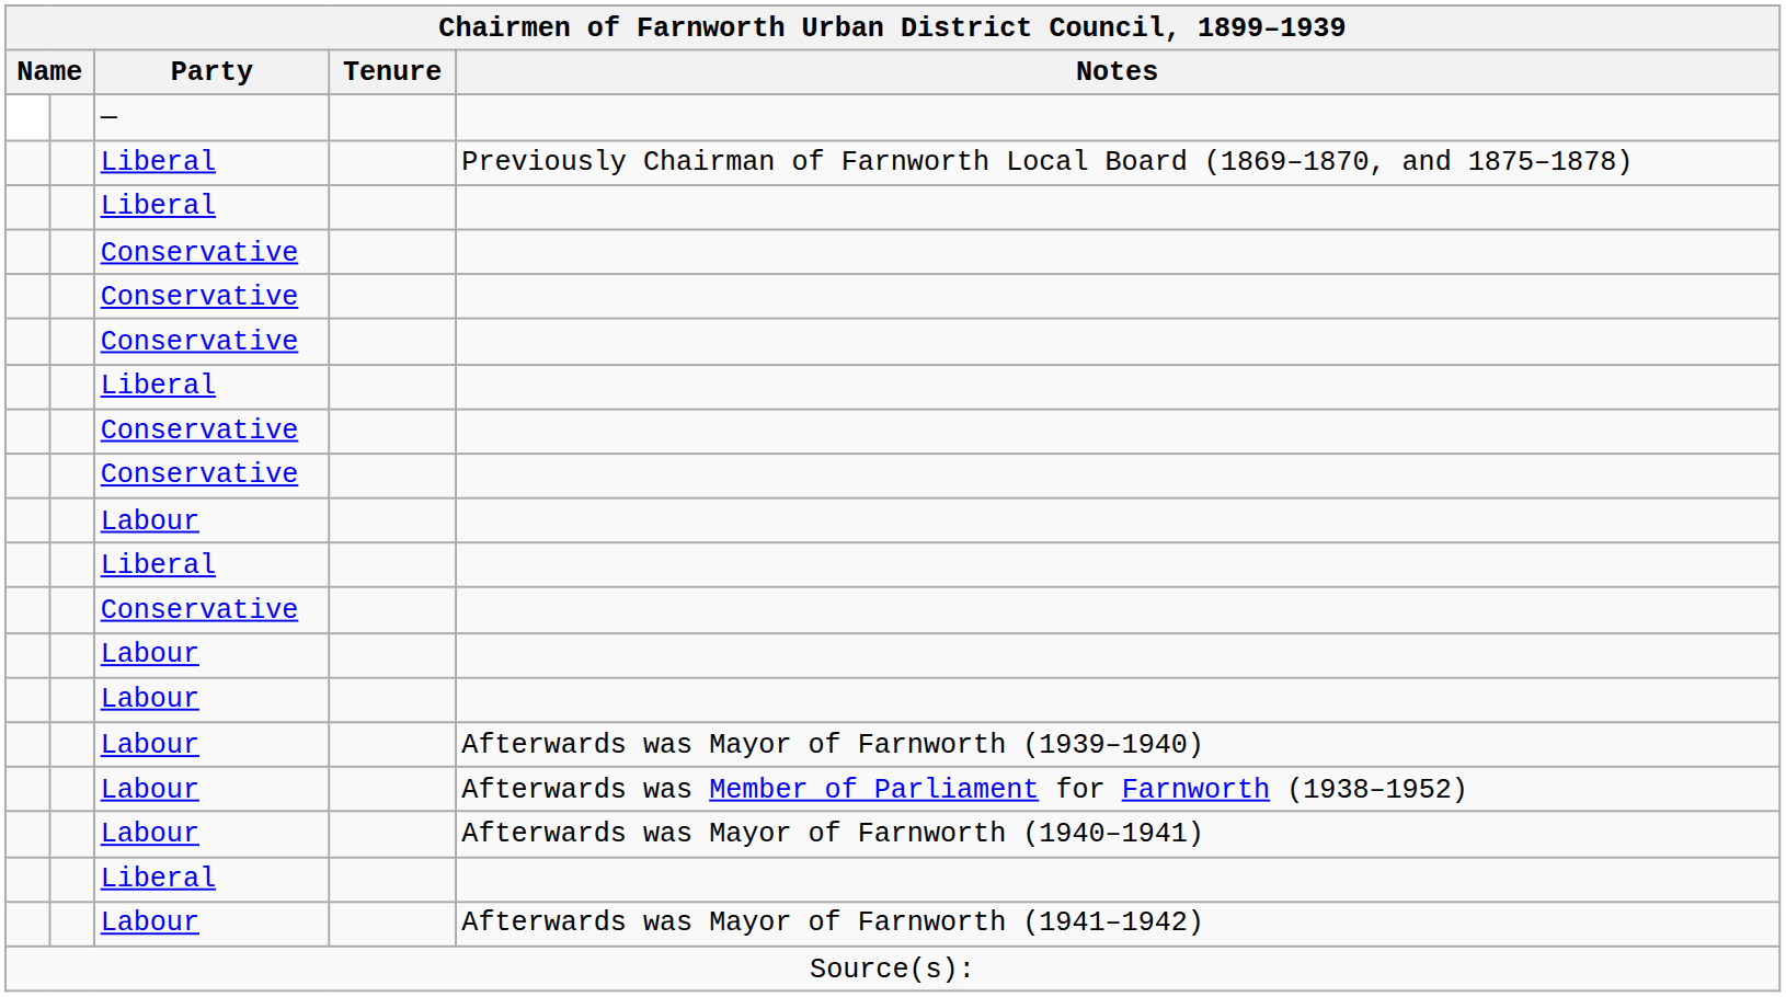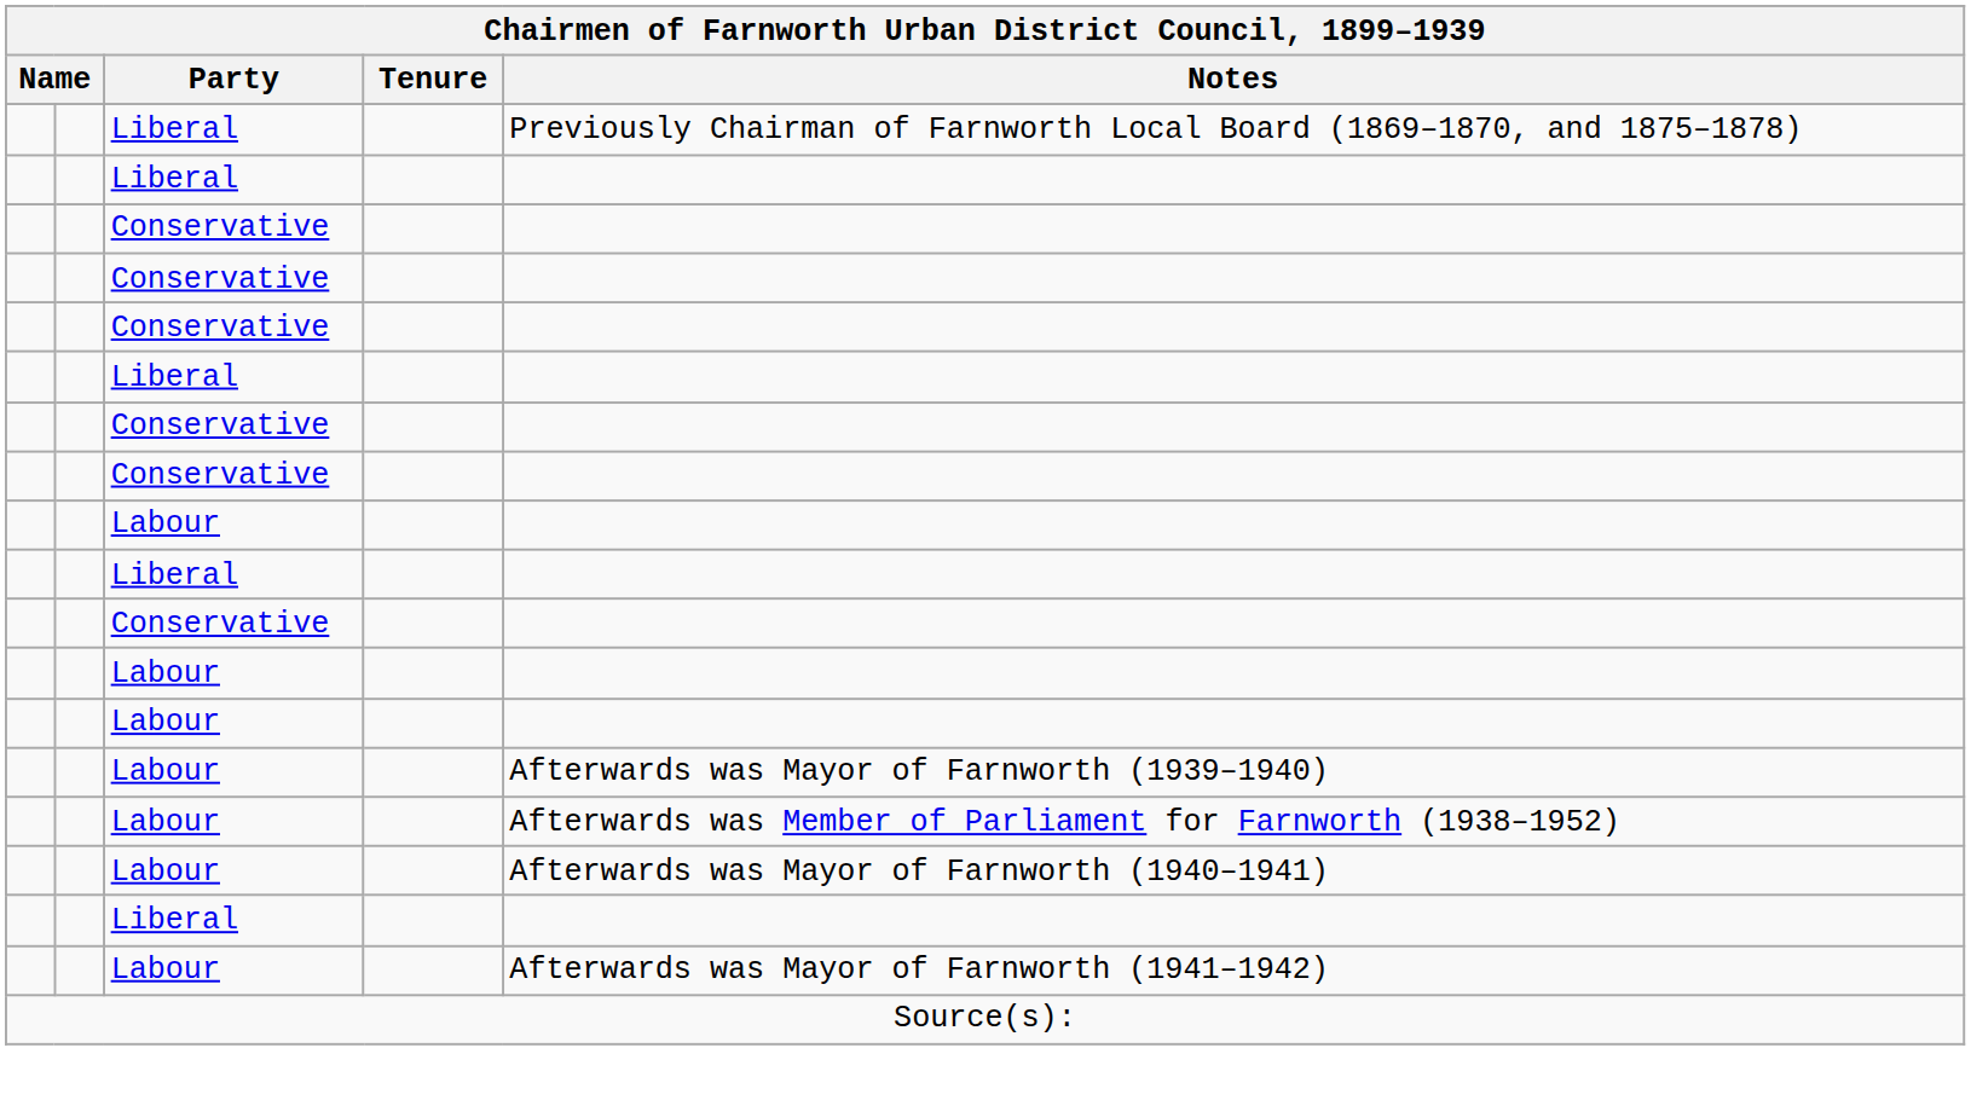 <table class="wikitable sortable" style="width: 95%;">
 <tr>
 <th colspan="5">Chairmen of Farnworth Urban District Council, 1899–1939</th>
 </tr>
 <tr>
 <th colspan="2">Name</th>
 <th>Party</th>
 <th>Tenure</th>
 <th class=unsortable>Notes</th>
-</tr>
-<tr>
-<td style="background-color:#FFFFFF"></td>
-<td></td>
-<td>—</td>
-<td></td>
-<td></td>
 </tr>
 <tr>
 <td style="background-color: "></td>
 <td></td>
 <td><a href='#'>Liberal</a></td>
 <td></td>
 <td>Previously Chairman of Farnworth Local Board (1869–1870, and 1875–1878)</td>
 </tr>
 <tr>
 <td style="background-color: "></td>
 <td></td>
 <td><a href='#'>Liberal</a></td>
 <td></td>
 <td></td>
 </tr>
 <tr>
 <td style="background-color: "></td>
 <td></td>
 <td><a href='#'>Conservative</a></td>
 <td></td>
 <td></td>
 </tr>
 <tr>
 <td style="background-color: "></td>
 <td></td>
 <td><a href='#'>Conservative</a></td>
 <td></td>
 <td></td>
 </tr>
 <tr>
 <td style="background-color: "></td>
 <td></td>
 <td><a href='#'>Conservative</a></td>
 <td></td>
 <td></td>
 </tr>
 <tr>
 <td style="background-color: "></td>
 <td></td>
 <td><a href='#'>Liberal</a></td>
 <td></td>
 <td></td>
 </tr>
 <tr>
 <td style="background-color: "></td>
 <td></td>
 <td><a href='#'>Conservative</a></td>
 <td></td>
 <td></td>
 </tr>
 <tr>
 <td style="background-color: "></td>
 <td></td>
 <td><a href='#'>Conservative</a></td>
 <td></td>
 <td></td>
 </tr>
 <tr>
 <td style="background-color: "></td>
 <td></td>
 <td><a href='#'>Labour</a></td>
 <td></td>
 <td></td>
 </tr>
 <tr>
 <td style="background-color: "></td>
 <td></td>
 <td><a href='#'>Liberal</a></td>
 <td></td>
 <td></td>
 </tr>
 <tr>
 <td style="background-color: "></td>
 <td></td>
 <td><a href='#'>Conservative</a></td>
 <td></td>
 <td></td>
 </tr>
 <tr>
 <td style="background-color: "></td>
 <td></td>
 <td><a href='#'>Labour</a></td>
 <td></td>
 <td></td>
 </tr>
 <tr>
 <td style="background-color: "></td>
 <td></td>
 <td><a href='#'>Labour</a></td>
 <td></td>
 <td></td>
 </tr>
 <tr>
 <td style="background-color: "></td>
 <td></td>
 <td><a href='#'>Labour</a></td>
 <td></td>
 <td>Afterwards was Mayor of Farnworth (1939–1940)</td>
 </tr>
 <tr>
 <td style="background-color: "></td>
 <td></td>
 <td><a href='#'>Labour</a></td>
 <td></td>
 <td>Afterwards was <a href='#'>Member of Parliament</a> for <a href='#'>Farnworth</a> (1938–1952)</td>
 </tr>
 <tr>
 <td style="background-color: "></td>
 <td></td>
 <td><a href='#'>Labour</a></td>
 <td></td>
 <td>Afterwards was Mayor of Farnworth (1940–1941)</td>
 </tr>
 <tr>
 <td style="background-color: "></td>
 <td></td>
 <td><a href='#'>Liberal</a></td>
 <td></td>
 <td></td>
 </tr>
 <tr>
 <td style="background-color: "></td>
 <td></td>
 <td><a href='#'>Labour</a></td>
 <td></td>
 <td>Afterwards was Mayor of Farnworth (1941–1942)</td>
 </tr>
 <tr class="sortbottom">
 <td colspan="5" align="center" class=unsortable>Source(s):</td>
 </tr>
 </table>
